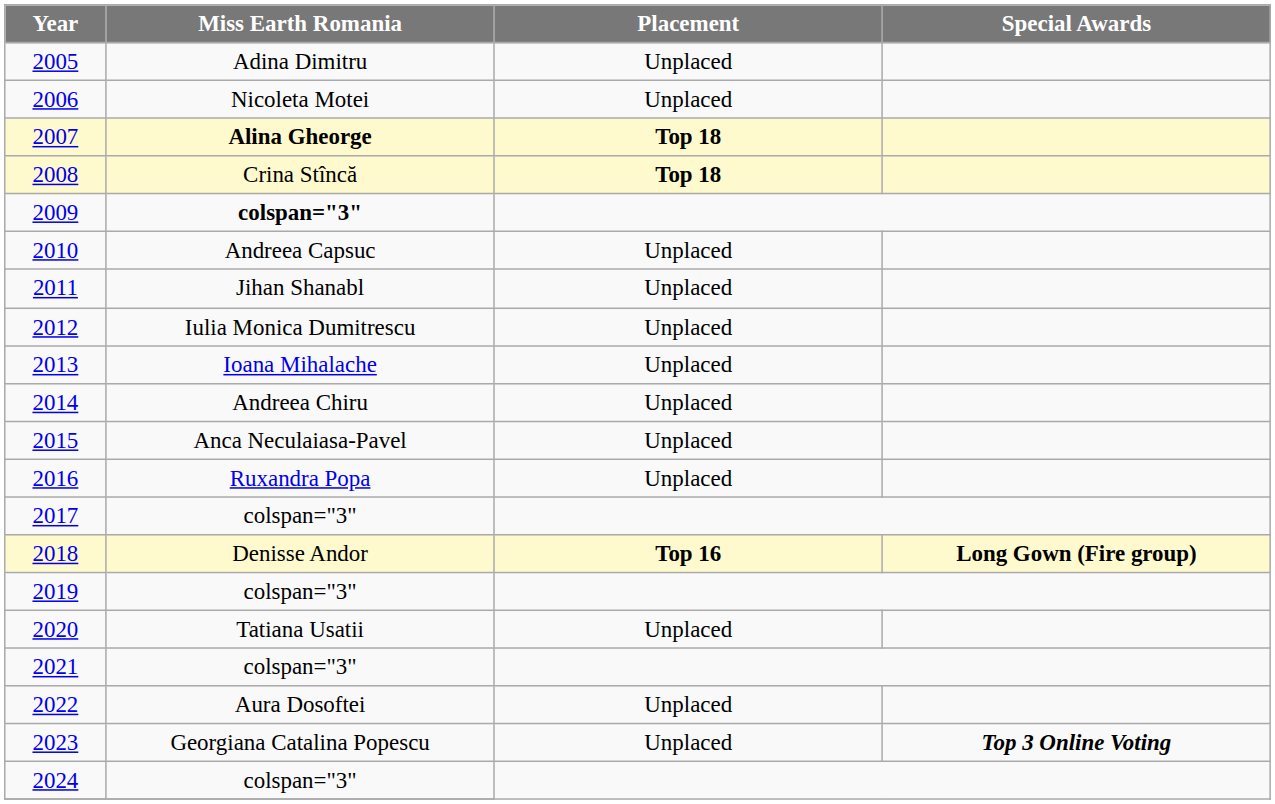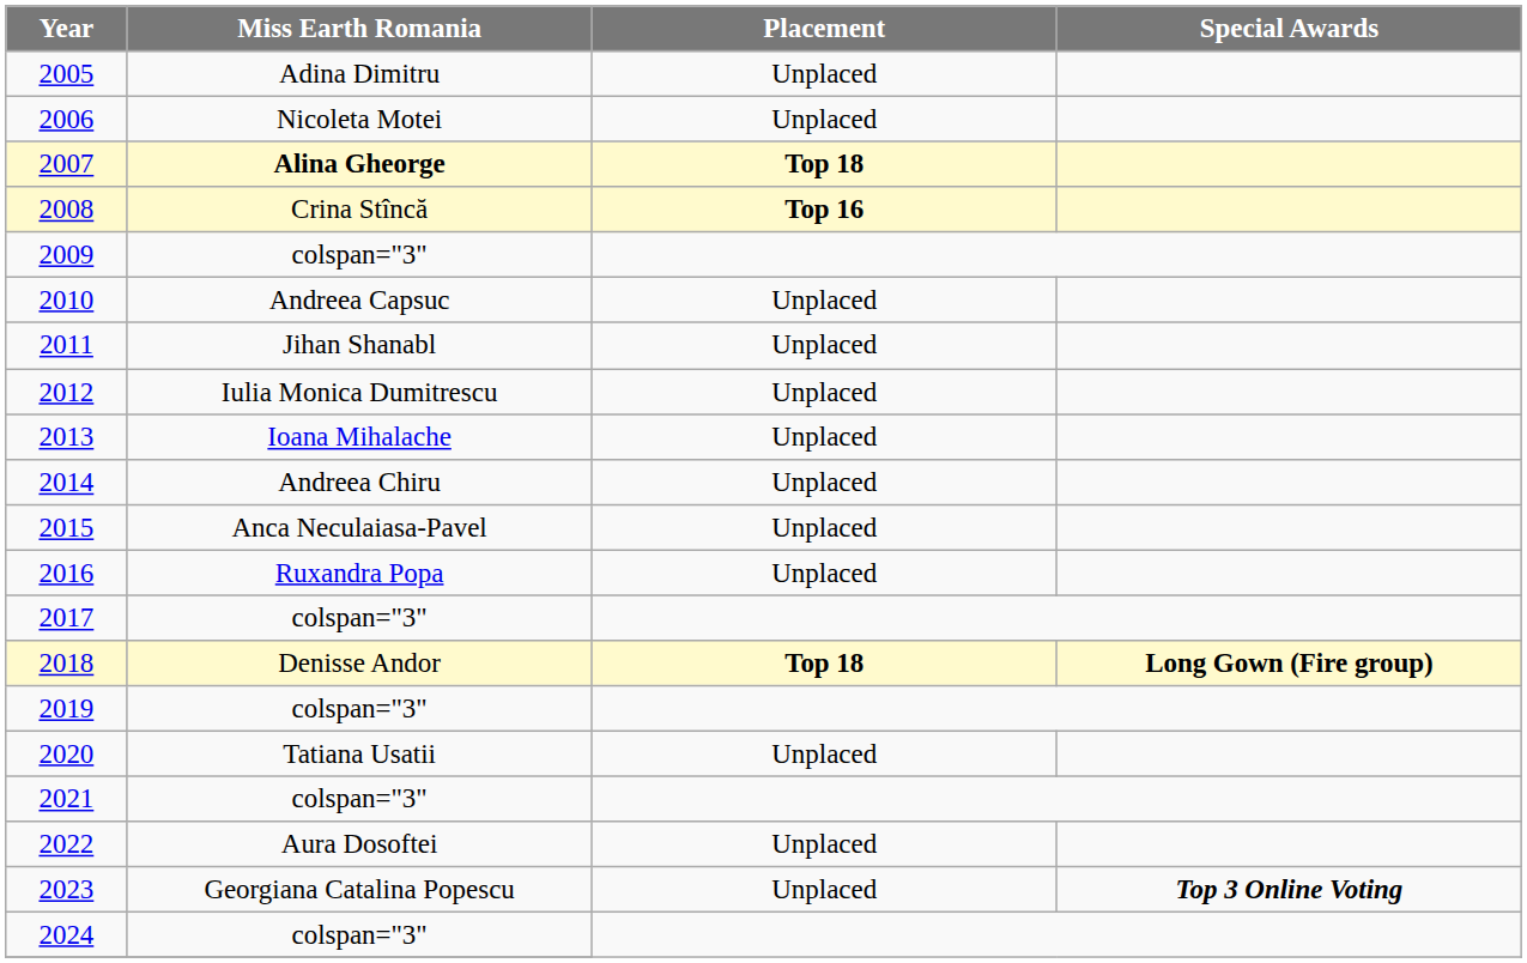 <table class="wikitable sortable" style="font-size: 95%; text-align:center">
 <tr>
 <th width="60" style="background-color:#787878;color:#FFFFFF;">Year</th>
 <th width="250" style="background-color:#787878;color:#FFFFFF;">Miss Earth Romania</th>
 <th width="250" style="background-color:#787878;color:#FFFFFF;">Placement</th>
 <th width="250" style="background-color:#787878;color:#FFFFFF;">Special Awards</th>
 </tr>
 <tr>
 <td><a href='#'>2005</a></td>
 <td>Adina Dimitru</td>
 <td>Unplaced</td>
 <td></td>
 </tr>
 <tr>
 <td><a href='#'>2006</a></td>
 <td>Nicoleta Motei</td>
 <td>Unplaced</td>
 <td></td>
 </tr>
 <tr style="background:#FFFACD;">
 <td><a href='#'>2007</a></td>
 <td><strong>Alina Gheorge</strong></td>
 <td><strong>Top 18</strong></td>
 <td></td>
 </tr>
 <tr style="background:#FFFACD;">
 <td><a href='#'>2008</a></td>
 <td>Crina Stîncă</td>
-<td><strong>Top 18</strong></td>
+<td><strong>Top 16</strong></td>
 <td></td>
 </tr>
 <tr>
 <td><a href='#'>2009</a></td>
-<td><strong>colspan="3" </strong></td>
+<td>colspan="3" </td>
 </tr>
 <tr>
 <td><a href='#'>2010</a></td>
 <td>Andreea Capsuc</td>
 <td>Unplaced</td>
 <td></td>
 </tr>
 <tr>
 <td><a href='#'>2011</a></td>
 <td>Jihan Shanabl</td>
 <td>Unplaced</td>
 <td></td>
 </tr>
 <tr>
 <td><a href='#'>2012</a></td>
 <td>Iulia Monica Dumitrescu</td>
 <td>Unplaced</td>
 <td></td>
 </tr>
 <tr>
 <td><a href='#'>2013</a></td>
 <td><a href='#'>Ioana Mihalache</a></td>
 <td>Unplaced</td>
 <td></td>
 </tr>
 <tr>
 <td><a href='#'>2014</a></td>
 <td>Andreea Chiru</td>
 <td>Unplaced</td>
 <td></td>
 </tr>
 <tr>
 <td><a href='#'>2015</a></td>
 <td>Anca Neculaiasa-Pavel</td>
 <td>Unplaced</td>
 <td></td>
 </tr>
 <tr>
 <td><a href='#'>2016</a></td>
 <td><a href='#'>Ruxandra Popa</a></td>
 <td>Unplaced</td>
 <td></td>
 </tr>
 <tr>
 <td><a href='#'>2017</a></td>
 <td>colspan="3" </td>
 </tr>
 <tr style="background-color:#FFFACD;">
 <td><a href='#'>2018</a></td>
 <td>Denisse Andor</td>
-<td><strong>Top 16</strong></td>
+<td><strong>Top 18</strong></td>
 <td><strong> Long Gown (Fire group)</strong></td>
 </tr>
 <tr>
 <td><a href='#'>2019</a></td>
 <td>colspan="3" </td>
 </tr>
 <tr>
 <td><a href='#'>2020</a></td>
 <td>Tatiana Usatii</td>
 <td>Unplaced</td>
 <td></td>
 </tr>
 <tr>
 <td><a href='#'>2021</a></td>
 <td>colspan="3" </td>
 </tr>
 <tr>
 <td><a href='#'>2022</a></td>
 <td>Aura Dosoftei</td>
 <td>Unplaced</td>
 <td></td>
 </tr>
 <tr>
 <td><a href='#'>2023</a></td>
 <td>Georgiana Catalina Popescu</td>
 <td>Unplaced</td>
 <td><strong><em>Top 3 Online Voting</em></strong></td>
 </tr>
 <tr>
 <td><a href='#'>2024</a></td>
 <td>colspan="3" </td>
 </tr>
 <tr>
 </tr>
 </table>
